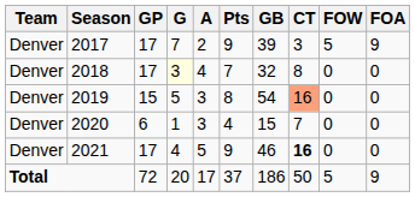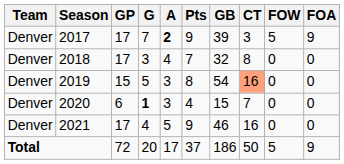 <table class="wikitable">
 <tr>
 <th>Team</th>
 <th>Season</th>
 <th>GP</th>
 <th>G</th>
 <th>A</th>
 <th>Pts</th>
 <th>GB</th>
 <th>CT</th>
 <th>FOW</th>
 <th>FOA</th>
 </tr>
 <tr>
 <td>Denver</td>
 <td>2017</td>
 <td>17</td>
 <td>7</td>
-<td>2</td>
+<td><strong>2</strong></td>
 <td>9</td>
 <td>39</td>
 <td>3</td>
 <td>5</td>
 <td>9</td>
 </tr>
 <tr>
 <td>Denver</td>
 <td>2018</td>
 <td>17</td>
-<td style="background: lightyellow;">3</td>
+<td>3</td>
 <td>4</td>
 <td>7</td>
 <td>32</td>
 <td>8</td>
 <td>0</td>
 <td>0</td>
 </tr>
 <tr>
 <td>Denver</td>
 <td>2019</td>
 <td>15</td>
 <td>5</td>
 <td>3</td>
 <td>8</td>
 <td>54</td>
 <td style="background: lightsalmon;">16</td>
 <td>0</td>
 <td>0</td>
 </tr>
 <tr>
 <td>Denver</td>
 <td>2020</td>
 <td>6</td>
-<td>1</td>
+<td><strong>1</strong></td>
 <td>3</td>
 <td>4</td>
 <td>15</td>
 <td>7</td>
 <td>0</td>
 <td>0</td>
 </tr>
 <tr>
 <td>Denver</td>
 <td>2021</td>
 <td>17</td>
 <td>4</td>
 <td>5</td>
 <td>9</td>
 <td>46</td>
-<td><strong>16</strong></td>
+<td>16</td>
 <td>0</td>
 <td>0</td>
 </tr>
 <tr>
 <td colspan="2"><strong>Total</strong></td>
 <td>72</td>
 <td>20</td>
 <td>17</td>
 <td>37</td>
 <td>186</td>
 <td>50</td>
 <td>5</td>
 <td>9</td>
 </tr>
 </table>
